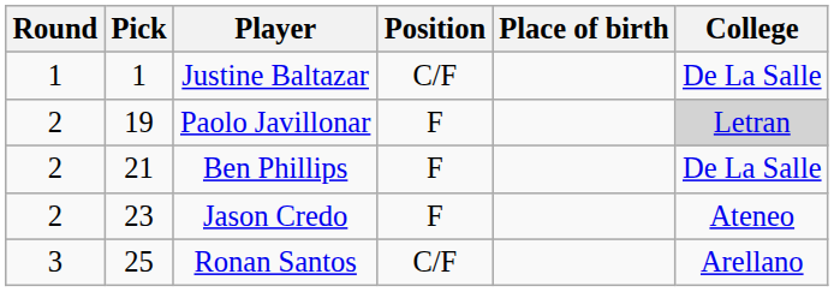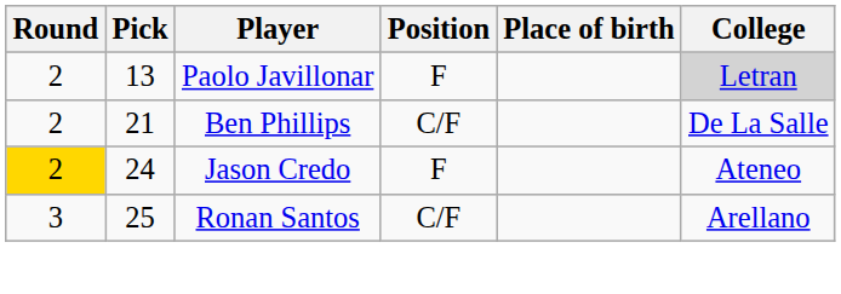 <table class="wikitable sortable sortable" style="text-align:center">
 <tr>
 <th>Round</th>
 <th>Pick</th>
 <th>Player</th>
 <th>Position</th>
 <th>Place of birth</th>
 <th>College</th>
 </tr>
 <tr>
-<td>1</td>
-<td>1</td>
-<td><a href='#'>Justine Baltazar</a></td>
-<td>C/F</td>
-<td></td>
-<td><a href='#'>De La Salle</a></td>
-</tr>
-<tr>
 <td>2</td>
-<td>19</td>
+<td>13</td>
 <td><a href='#'>Paolo Javillonar</a></td>
 <td>F</td>
 <td></td>
 <td style="background: lightgrey;"><a href='#'>Letran</a></td>
 </tr>
 <tr>
 <td>2</td>
 <td>21</td>
 <td><a href='#'>Ben Phillips</a></td>
-<td>F</td>
+<td>C/F</td>
 <td></td>
 <td><a href='#'>De La Salle</a></td>
 </tr>
 <tr>
-<td>2</td>
-<td>23</td>
+<td style="background: gold;">2</td>
+<td>24</td>
 <td><a href='#'>Jason Credo</a></td>
 <td>F</td>
 <td></td>
 <td><a href='#'>Ateneo</a></td>
 </tr>
 <tr>
 <td>3</td>
 <td>25</td>
 <td><a href='#'>Ronan Santos</a></td>
 <td>C/F</td>
 <td></td>
 <td><a href='#'>Arellano</a></td>
 </tr>
 </table>
